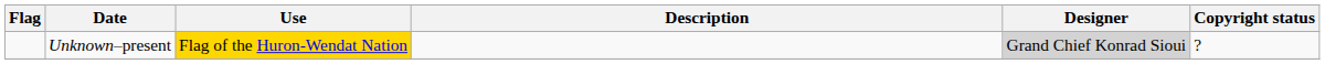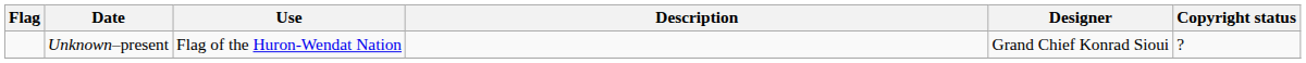 <table class="wikitable">
 <tr>
 <th scope="col">Flag</th>
 <th scope="col">Date</th>
 <th scope="col">Use</th>
 <th scope="col" style="width: 45%;">Description</th>
 <th scope="col">Designer</th>
 <th scope="col">Copyright status</th>
 </tr>
 <tr>
 <td></td>
 <td><em>Unknown</em>–present</td>
-<td style="background: gold;">Flag of the <a href='#'>Huron-Wendat Nation</a></td>
+<td>Flag of the <a href='#'>Huron-Wendat Nation</a></td>
 <td></td>
-<td style="background: lightgrey;">Grand Chief Konrad Sioui</td>
+<td>Grand Chief Konrad Sioui</td>
 <td>?</td>
 </tr>
 <tr>
 </tr>
 </table>
